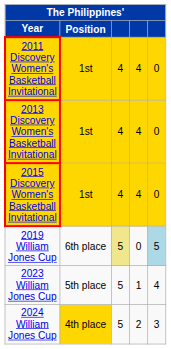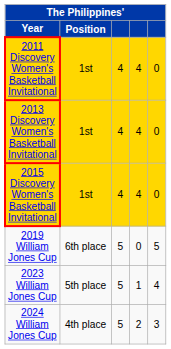 <table class="wikitable collapsible autocollapse" style="text-align: center; font-size:95%;">
 <tr>
 <th colspan="10" style="background:#0038A8; color: #FFFFFF;">The Philippines' </th>
 </tr>
 <tr>
 <th style="background:#0038A8; color: #FFFFFF;"width="70">Year</th>
 <th style="background:#0038A8; color: #FFFFFF;"width="70">Position</th>
 <th style="background:#0038A8; color: #FFFFFF;"width="20"></th>
 <th style="background:#0038A8; color: #FFFFFF;"width="20"></th>
 <th style="background:#0038A8; color: #FFFFFF;"width="20"></th>
 </tr>
 <tr bgcolor=gold>
 <td style="border: 3px solid red"> <a href='#'>2011 Discovery Women's Basketball Invitational</a></td>
 <td>1st</td>
 <td>4</td>
 <td>4</td>
 <td>0</td>
 </tr>
 <tr bgcolor=gold>
 <td style="border: 3px solid red"> <a href='#'>2013 Discovery Women's Basketball Invitational</a></td>
 <td>1st</td>
 <td>4</td>
 <td>4</td>
 <td>0</td>
 </tr>
 <tr bgcolor=gold>
 <td style="border: 3px solid red"> <a href='#'>2015 Discovery Women's Basketball Invitational</a></td>
 <td>1st</td>
 <td>4</td>
 <td>4</td>
 <td>0</td>
 </tr>
 <tr>
 <td> <a href='#'>2019 William Jones Cup</a></td>
 <td>6th place</td>
-<td style="background: khaki;">5</td>
+<td>5</td>
 <td>0</td>
-<td style="background: lightblue;">5</td>
+<td>5</td>
 </tr>
 <tr>
 <td> <a href='#'>2023 William Jones Cup</a></td>
 <td>5th place</td>
 <td>5</td>
 <td>1</td>
 <td>4</td>
 </tr>
 <tr>
 <td> <a href='#'>2024 William Jones Cup</a></td>
-<td style="background: gold;">4th place</td>
+<td>4th place</td>
 <td>5</td>
 <td>2</td>
 <td>3</td>
 </tr>
 </table>
